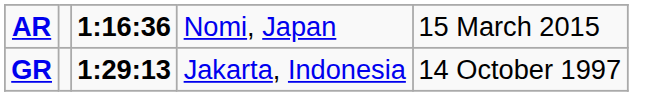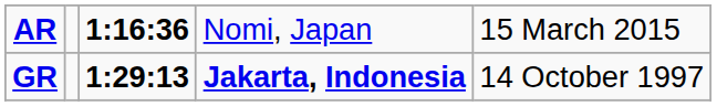 <table class="wikitable" style="font-size:95%; position:relative;">
 <tr>
 <td align=center><strong><a href='#'>AR</a></strong></td>
 <td></td>
 <td><strong>1:16:36</strong></td>
 <td><a href='#'>Nomi</a>, <a href='#'>Japan</a></td>
 <td>15 March 2015</td>
 </tr>
 <tr>
 <td align=center><strong><a href='#'>GR</a></strong></td>
 <td></td>
 <td><strong>	1:29:13</strong></td>
-<td><a href='#'>Jakarta</a>, <a href='#'>Indonesia</a></td>
+<td><strong><a href='#'>Jakarta</a>, <a href='#'>Indonesia</a></strong></td>
 <td>14 October 1997</td>
 </tr>
 </table>
